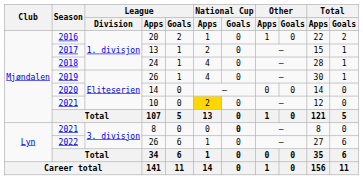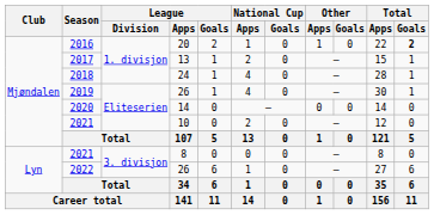 <table class="wikitable" style="text-align: center;">
 <tr>
 <th rowspan="2">Club</th>
 <th rowspan="2">Season</th>
 <th colspan="3">League</th>
 <th colspan="2">National Cup</th>
 <th colspan="2">Other</th>
 <th colspan="2">Total</th>
 </tr>
 <tr>
 <th>Division</th>
 <th>Apps</th>
 <th>Goals</th>
 <th>Apps</th>
 <th>Goals</th>
 <th>Apps</th>
 <th>Goals</th>
 <th>Apps</th>
 <th>Goals</th>
 </tr>
 <tr>
 <td rowspan="7"><a href='#'>Mjøndalen</a></td>
 <td><a href='#'>2016</a></td>
 <td rowspan="3"><a href='#'>1. divisjon</a></td>
 <td>20</td>
 <td>2</td>
 <td>1</td>
 <td>0</td>
 <td>1</td>
 <td>0</td>
 <td>22</td>
-<td>2</td>
+<td><strong>2</strong></td>
 </tr>
 <tr>
 <td><a href='#'>2017</a></td>
 <td>13</td>
 <td>1</td>
 <td>2</td>
 <td>0</td>
 <td colspan="2">—</td>
 <td>15</td>
 <td>1</td>
 </tr>
 <tr>
 <td><a href='#'>2018</a></td>
 <td>24</td>
 <td>1</td>
 <td>4</td>
 <td>0</td>
 <td colspan="2">—</td>
 <td>28</td>
 <td>1</td>
 </tr>
 <tr>
 <td><a href='#'>2019</a></td>
 <td rowspan="3"><a href='#'>Eliteserien</a></td>
 <td>26</td>
 <td>1</td>
 <td>4</td>
 <td>0</td>
 <td colspan="2">—</td>
 <td>30</td>
 <td>1</td>
 </tr>
 <tr>
 <td><a href='#'>2020</a></td>
 <td>14</td>
 <td>0</td>
 <td colspan="2">—</td>
 <td>0</td>
 <td>0</td>
 <td>14</td>
 <td>0</td>
 </tr>
 <tr>
 <td><a href='#'>2021</a></td>
 <td>10</td>
 <td>0</td>
-<td style="background: gold;">2</td>
+<td>2</td>
 <td>0</td>
 <td colspan="2">—</td>
 <td>12</td>
 <td>0</td>
 </tr>
 <tr>
 <th colspan="2">Total</th>
 <th>107</th>
 <th>5</th>
 <th>13</th>
 <th>0</th>
 <th>1</th>
 <th>0</th>
 <th>121</th>
 <th>5</th>
 </tr>
 <tr>
 <td rowspan="3"><a href='#'>Lyn</a></td>
 <td><a href='#'>2021</a></td>
 <td rowspan="2"><a href='#'>3. divisjon</a></td>
 <td>8</td>
 <td>0</td>
 <td>0</td>
-<td><strong>0</strong></td>
+<td>0</td>
 <td colspan="2">—</td>
 <td>8</td>
 <td>0</td>
 </tr>
 <tr>
 <td><a href='#'>2022</a></td>
 <td>26</td>
 <td>6</td>
 <td>1</td>
 <td>0</td>
 <td colspan="2">—</td>
 <td>27</td>
 <td>6</td>
 </tr>
 <tr>
 <th colspan="2">Total</th>
 <th>34</th>
 <th>6</th>
 <th>1</th>
 <th>0</th>
 <th>0</th>
 <th>0</th>
 <th>35</th>
 <th>6</th>
 </tr>
 <tr>
 <th colspan="3">Career total</th>
 <th>141</th>
 <th>11</th>
 <th>14</th>
 <th>0</th>
 <th>1</th>
 <th>0</th>
 <th>156</th>
 <th>11</th>
 </tr>
 </table>
